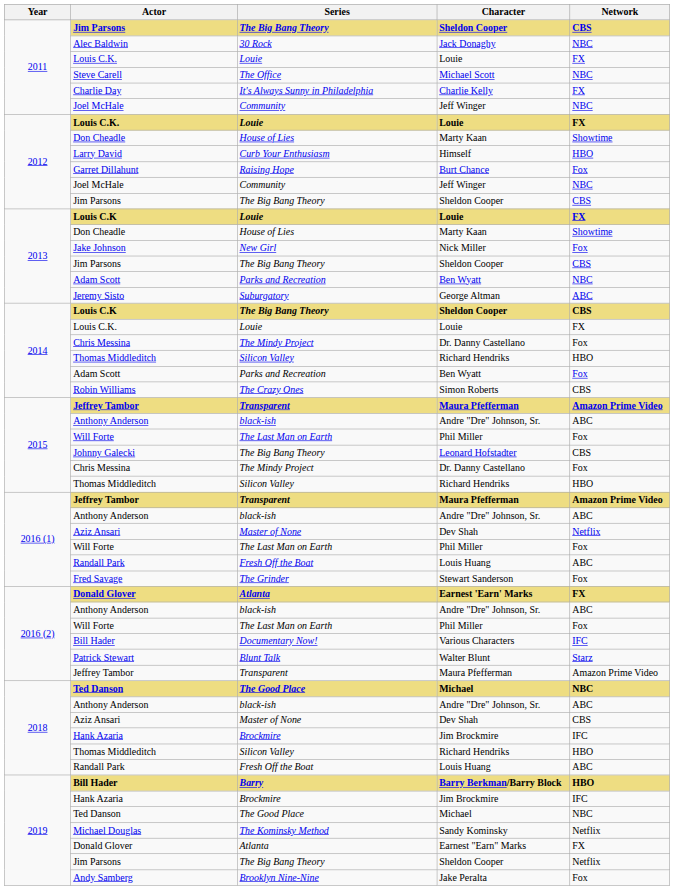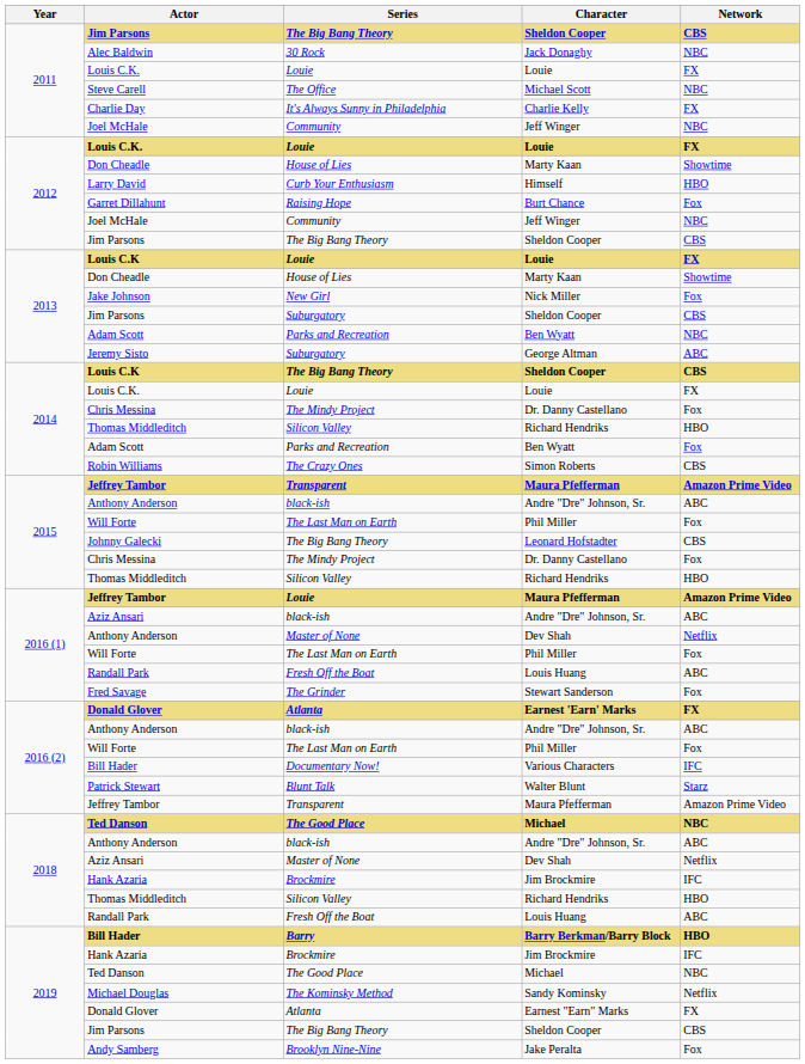 <table class="wikitable" style="width:85%">
 <tr style="background:#bebebe;">
 <th style="width:10%;">Year</th>
 <th style="wodth:25%;">Actor</th>
 <th style="width:30%;">Series</th>
 <th style="width:20%;">Character</th>
 <th style="width:15%;">Network</th>
 </tr>
 <tr>
 <td rowspan="6" style="text-align:center;"><a href='#'>2011</a><br></td>
 <td style="background:#EEDD82;"><strong><a href='#'>Jim Parsons</a></strong></td>
 <td style="background:#EEDD82;"><strong><em><a href='#'>The Big Bang Theory</a></em></strong></td>
 <td style="background:#EEDD82;"><strong><a href='#'>Sheldon Cooper</a></strong></td>
 <td style="background:#EEDD82;"><strong><a href='#'>CBS</a></strong></td>
 </tr>
 <tr>
 <td><a href='#'>Alec Baldwin</a></td>
 <td><em><a href='#'>30 Rock</a></em></td>
 <td><a href='#'>Jack Donaghy</a></td>
 <td><a href='#'>NBC</a></td>
 </tr>
 <tr>
 <td><a href='#'>Louis C.K.</a></td>
 <td><em><a href='#'>Louie</a></em></td>
 <td>Louie</td>
 <td><a href='#'>FX</a></td>
 </tr>
 <tr>
 <td><a href='#'>Steve Carell</a></td>
 <td><em><a href='#'>The Office</a></em></td>
 <td><a href='#'>Michael Scott</a></td>
 <td><a href='#'>NBC</a></td>
 </tr>
 <tr>
 <td><a href='#'>Charlie Day</a></td>
 <td><em><a href='#'>It's Always Sunny in Philadelphia</a></em></td>
 <td><a href='#'>Charlie Kelly</a></td>
 <td><a href='#'>FX</a></td>
 </tr>
 <tr>
 <td><a href='#'>Joel McHale</a></td>
 <td><em><a href='#'>Community</a></em></td>
 <td>Jeff Winger</td>
 <td><a href='#'>NBC</a></td>
 </tr>
 <tr>
 <td rowspan="6" style="text-align:center;"><a href='#'>2012</a><br></td>
 <td style="background:#EEDD82;"><strong>Louis C.K.</strong></td>
 <td style="background:#EEDD82;"><strong><em>Louie</em></strong></td>
 <td style="background:#EEDD82;"><strong>Louie</strong></td>
 <td style="background:#EEDD82;"><strong>FX</strong></td>
 </tr>
 <tr>
 <td><a href='#'>Don Cheadle</a></td>
 <td><em><a href='#'>House of Lies</a></em></td>
 <td>Marty Kaan</td>
 <td><a href='#'>Showtime</a></td>
 </tr>
 <tr>
 <td><a href='#'>Larry David</a></td>
 <td><em><a href='#'>Curb Your Enthusiasm</a></em></td>
 <td>Himself</td>
 <td><a href='#'>HBO</a></td>
 </tr>
 <tr>
 <td><a href='#'>Garret Dillahunt</a></td>
 <td><em><a href='#'>Raising Hope</a></em></td>
 <td><a href='#'>Burt Chance</a></td>
 <td><a href='#'>Fox</a></td>
 </tr>
 <tr>
 <td>Joel McHale</td>
 <td><em>Community</em></td>
 <td>Jeff Winger</td>
 <td><a href='#'>NBC</a></td>
 </tr>
 <tr>
 <td>Jim Parsons</td>
 <td><em>The Big Bang Theory</em></td>
 <td>Sheldon Cooper</td>
 <td><a href='#'>CBS</a></td>
 </tr>
 <tr>
 <td rowspan="6" style="text-align:center;"><a href='#'>2013</a><br></td>
 <td style="background:#EEDD82;"><strong>Louis C.K</strong></td>
 <td style="background:#EEDD82;"><strong><em>Louie</em></strong></td>
 <td style="background:#EEDD82;"><strong>Louie</strong></td>
 <td style="background:#EEDD82;"><strong><a href='#'>FX</a></strong></td>
 </tr>
 <tr>
 <td>Don Cheadle</td>
 <td><em>House of Lies</em></td>
 <td>Marty Kaan</td>
 <td><a href='#'>Showtime</a></td>
 </tr>
 <tr>
 <td><a href='#'>Jake Johnson</a></td>
 <td><em><a href='#'>New Girl</a></em></td>
 <td>Nick Miller</td>
 <td><a href='#'>Fox</a></td>
 </tr>
 <tr>
 <td>Jim Parsons</td>
-<td><em>The Big Bang Theory</em></td>
+<td><em><a href='#'>Suburgatory</a></em></td>
 <td>Sheldon Cooper</td>
 <td><a href='#'>CBS</a></td>
 </tr>
 <tr>
 <td><a href='#'>Adam Scott</a></td>
 <td><em><a href='#'>Parks and Recreation</a></em></td>
 <td><a href='#'>Ben Wyatt</a></td>
 <td><a href='#'>NBC</a></td>
 </tr>
 <tr>
 <td><a href='#'>Jeremy Sisto</a></td>
 <td><em><a href='#'>Suburgatory</a></em></td>
 <td>George Altman</td>
 <td><a href='#'>ABC</a></td>
 </tr>
 <tr>
 <td rowspan="6" style="text-align:center;"><a href='#'>2014</a><br></td>
 <td style="background:#EEDD82;"><strong>Louis C.K</strong></td>
 <td style="background:#EEDD82;"><strong><em>The Big Bang Theory</em></strong></td>
 <td style="background:#EEDD82;"><strong>Sheldon Cooper</strong></td>
 <td style="background:#EEDD82;"><strong>CBS</strong></td>
 </tr>
 <tr>
 <td>Louis C.K.</td>
 <td><em>Louie</em></td>
 <td>Louie</td>
 <td>FX</td>
 </tr>
 <tr>
 <td><a href='#'>Chris Messina</a></td>
 <td><em><a href='#'>The Mindy Project</a></em></td>
 <td>Dr. Danny Castellano</td>
 <td>Fox</td>
 </tr>
 <tr>
 <td><a href='#'>Thomas Middleditch</a></td>
 <td><em><a href='#'>Silicon Valley</a></em></td>
 <td>Richard Hendriks</td>
 <td>HBO</td>
 </tr>
 <tr>
 <td>Adam Scott</td>
 <td><em>Parks and Recreation</em></td>
 <td>Ben Wyatt</td>
 <td><a href='#'>Fox</a></td>
 </tr>
 <tr>
 <td><a href='#'>Robin Williams</a></td>
 <td><em><a href='#'>The Crazy Ones</a></em></td>
 <td>Simon Roberts</td>
 <td>CBS</td>
 </tr>
 <tr>
 <td rowspan="6" style="text-align:center;"><a href='#'>2015</a><br></td>
 <td style="background:#EEDD82;"><strong><a href='#'>Jeffrey Tambor</a></strong></td>
 <td style="background:#EEDD82;"><strong><em><a href='#'>Transparent</a></em></strong></td>
 <td style="background:#EEDD82;"><strong><a href='#'>Maura Pfefferman</a></strong></td>
 <td style="background:#EEDD82;"><strong><a href='#'>Amazon Prime Video</a></strong></td>
 </tr>
 <tr>
 <td><a href='#'>Anthony Anderson</a></td>
 <td><em><a href='#'>black-ish</a></em></td>
 <td>Andre "Dre" Johnson, Sr.</td>
 <td>ABC</td>
 </tr>
 <tr>
 <td><a href='#'>Will Forte</a></td>
 <td><em><a href='#'>The Last Man on Earth</a></em></td>
 <td>Phil Miller</td>
 <td>Fox</td>
 </tr>
 <tr>
 <td><a href='#'>Johnny Galecki</a></td>
 <td><em>The Big Bang Theory</em></td>
 <td><a href='#'>Leonard Hofstadter</a></td>
 <td>CBS</td>
 </tr>
 <tr>
 <td>Chris Messina</td>
 <td><em>The Mindy Project</em></td>
 <td>Dr. Danny Castellano</td>
 <td>Fox</td>
 </tr>
 <tr>
 <td>Thomas Middleditch</td>
 <td><em>Silicon Valley</em></td>
 <td>Richard Hendriks</td>
 <td>HBO</td>
 </tr>
 <tr>
 <td rowspan="6" style="text-align:center;"><a href='#'>2016 (1)</a><br></td>
 <td style="background:#EEDD82;"><strong>Jeffrey Tambor</strong></td>
-<td style="background:#EEDD82;"><strong><em>Transparent</em></strong></td>
+<td style="background:#EEDD82;"><strong><em>Louie</em></strong></td>
 <td style="background:#EEDD82;"><strong>Maura Pfefferman</strong></td>
 <td style="background:#EEDD82;"><strong>Amazon Prime Video</strong></td>
 </tr>
 <tr>
-<td>Anthony Anderson</td>
+<td><a href='#'>Aziz Ansari</a></td>
 <td><em>black-ish</em></td>
 <td>Andre "Dre" Johnson, Sr.</td>
 <td>ABC</td>
 </tr>
 <tr>
-<td><a href='#'>Aziz Ansari</a></td>
+<td>Anthony Anderson</td>
 <td><em><a href='#'>Master of None</a></em></td>
 <td>Dev Shah</td>
 <td><a href='#'>Netflix</a></td>
 </tr>
 <tr>
 <td>Will Forte</td>
 <td><em>The Last Man on Earth</em></td>
 <td>Phil Miller</td>
 <td>Fox</td>
 </tr>
 <tr>
 <td><a href='#'>Randall Park</a></td>
 <td><em><a href='#'>Fresh Off the Boat</a></em></td>
 <td>Louis Huang</td>
 <td>ABC</td>
 </tr>
 <tr>
 <td><a href='#'>Fred Savage</a></td>
 <td><em><a href='#'>The Grinder</a></em></td>
 <td>Stewart Sanderson</td>
 <td>Fox</td>
 </tr>
 <tr>
 <td rowspan="6" style="text-align:center;"><a href='#'>2016 (2)</a><br></td>
 <td style="background:#EEDD82;"><strong><a href='#'>Donald Glover</a></strong></td>
 <td style="background:#EEDD82;"><strong><em><a href='#'>Atlanta</a></em></strong></td>
 <td style="background:#EEDD82;"><strong>Earnest 'Earn' Marks</strong></td>
 <td style="background:#EEDD82;"><strong>FX</strong></td>
 </tr>
 <tr>
 <td>Anthony Anderson</td>
 <td><em>black-ish</em></td>
 <td>Andre "Dre" Johnson, Sr.</td>
 <td>ABC</td>
 </tr>
 <tr>
 <td>Will Forte</td>
 <td><em>The Last Man on Earth</em></td>
 <td>Phil Miller</td>
 <td>Fox</td>
 </tr>
 <tr>
 <td><a href='#'>Bill Hader</a></td>
 <td><em><a href='#'>Documentary Now!</a></em></td>
 <td>Various Characters</td>
 <td><a href='#'>IFC</a></td>
 </tr>
 <tr>
 <td><a href='#'>Patrick Stewart</a></td>
 <td><em><a href='#'>Blunt Talk</a></em></td>
 <td>Walter Blunt</td>
 <td><a href='#'>Starz</a></td>
 </tr>
 <tr>
 <td>Jeffrey Tambor</td>
 <td><em>Transparent</em></td>
 <td>Maura Pfefferman</td>
 <td>Amazon Prime Video</td>
 </tr>
 <tr>
 <td rowspan="6" style="text-align:center;"><a href='#'>2018</a><br></td>
 <td style="background:#EEDD82;"><strong><a href='#'>Ted Danson</a></strong></td>
 <td style="background:#EEDD82;"><strong><em><a href='#'>The Good Place</a></em></strong></td>
 <td style="background:#EEDD82;"><strong>Michael</strong></td>
 <td style="background:#EEDD82;"><strong>NBC</strong></td>
 </tr>
 <tr>
 <td>Anthony Anderson</td>
 <td><em>black-ish</em></td>
 <td>Andre "Dre" Johnson, Sr.</td>
 <td>ABC</td>
 </tr>
 <tr>
 <td>Aziz Ansari</td>
 <td><em>Master of None</em></td>
 <td>Dev Shah</td>
-<td>CBS</td>
+<td>Netflix</td>
 </tr>
 <tr>
 <td><a href='#'>Hank Azaria</a></td>
 <td><em><a href='#'>Brockmire</a></em></td>
 <td>Jim Brockmire</td>
 <td>IFC</td>
 </tr>
 <tr>
 <td>Thomas Middleditch</td>
 <td><em>Silicon Valley</em></td>
 <td>Richard Hendriks</td>
 <td>HBO</td>
 </tr>
 <tr>
 <td>Randall Park</td>
 <td><em>Fresh Off the Boat</em></td>
 <td>Louis Huang</td>
 <td>ABC</td>
 </tr>
 <tr>
 <td rowspan="7" style="text-align:center;"><a href='#'>2019</a><br></td>
 <td style="background:#EEDD82;"><strong>Bill Hader</strong></td>
 <td style="background:#EEDD82;"><strong><em><a href='#'>Barry</a></em></strong></td>
 <td style="background:#EEDD82;"><strong><a href='#'>Barry Berkman</a>/Barry Block</strong></td>
 <td style="background:#EEDD82;"><strong>HBO</strong></td>
 </tr>
 <tr>
 <td>Hank Azaria</td>
 <td><em>Brockmire</em></td>
 <td>Jim Brockmire</td>
 <td>IFC</td>
 </tr>
 <tr>
 <td>Ted Danson</td>
 <td><em>The Good Place</em></td>
 <td>Michael</td>
 <td>NBC</td>
 </tr>
 <tr>
 <td><a href='#'>Michael Douglas</a></td>
 <td><em><a href='#'>The Kominsky Method</a></em></td>
 <td>Sandy Kominsky</td>
 <td>Netflix</td>
 </tr>
 <tr>
 <td>Donald Glover</td>
 <td><em>Atlanta</em></td>
 <td>Earnest "Earn" Marks</td>
 <td>FX</td>
 </tr>
 <tr>
 <td>Jim Parsons</td>
 <td><em>The Big Bang Theory</em></td>
 <td>Sheldon Cooper</td>
-<td>Netflix</td>
+<td>CBS</td>
 </tr>
 <tr>
 <td><a href='#'>Andy Samberg</a></td>
 <td><em><a href='#'>Brooklyn Nine-Nine</a></em></td>
 <td>Jake Peralta</td>
 <td>Fox</td>
 </tr>
 </table>
